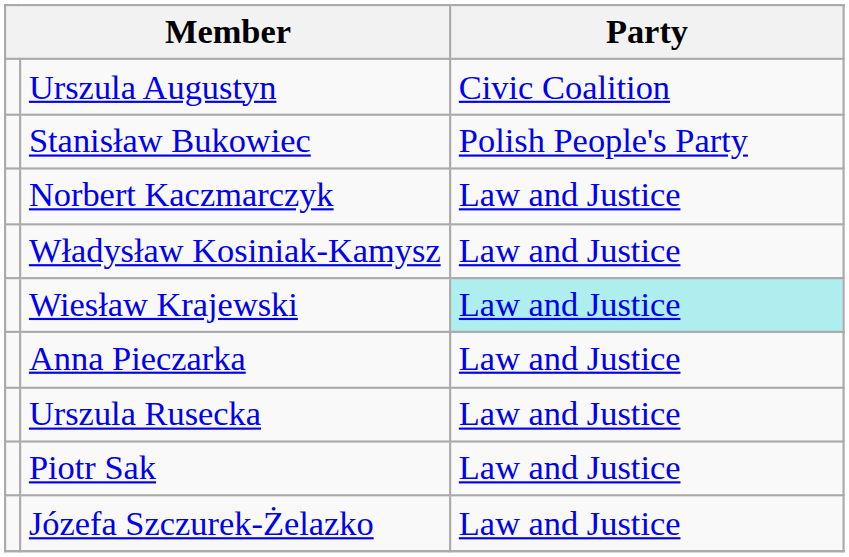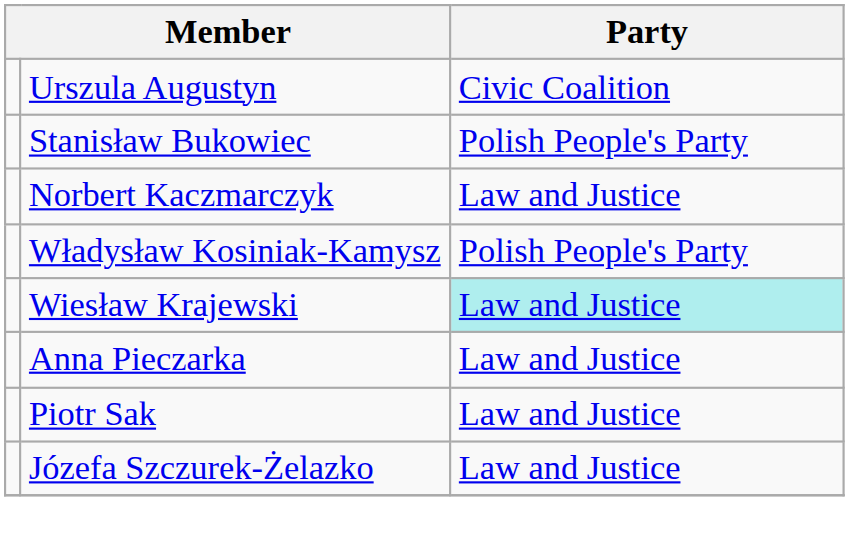 <table class="wikitable">
 <tr>
 <th width=200px colspan=2>Member</th>
 <th width=175px>Party</th>
 </tr>
 <tr>
 <td style="background-color: "></td>
 <td><a href='#'>Urszula Augustyn</a></td>
 <td><a href='#'>Civic Coalition</a></td>
 </tr>
 <tr>
 <td style="background-color: "></td>
 <td><a href='#'>Stanisław Bukowiec</a></td>
 <td><a href='#'>Polish People's Party</a></td>
 </tr>
 <tr>
 <td style="background-color: "></td>
 <td><a href='#'>Norbert Kaczmarczyk</a></td>
 <td><a href='#'>Law and Justice</a></td>
 </tr>
 <tr>
 <td style="background-color: "></td>
 <td><a href='#'>Władysław Kosiniak-Kamysz</a></td>
-<td><a href='#'>Law and Justice</a></td>
+<td><a href='#'>Polish People's Party</a></td>
 </tr>
 <tr>
 <td style="background-color: "></td>
 <td><a href='#'>Wiesław Krajewski</a></td>
 <td style="background: paleturquoise;"><a href='#'>Law and Justice</a></td>
 </tr>
 <tr>
 <td style="background-color: "></td>
 <td><a href='#'>Anna Pieczarka</a></td>
-<td><a href='#'>Law and Justice</a></td>
-</tr>
-<tr>
-<td style="background-color: "></td>
-<td><a href='#'>Urszula Rusecka</a></td>
 <td><a href='#'>Law and Justice</a></td>
 </tr>
 <tr>
 <td style="background-color: "></td>
 <td><a href='#'>Piotr Sak</a></td>
 <td><a href='#'>Law and Justice</a></td>
 </tr>
 <tr>
 <td style="background-color: "></td>
 <td><a href='#'>Józefa Szczurek-Żelazko</a></td>
 <td><a href='#'>Law and Justice</a></td>
 </tr>
 <tr>
 </tr>
 </table>
